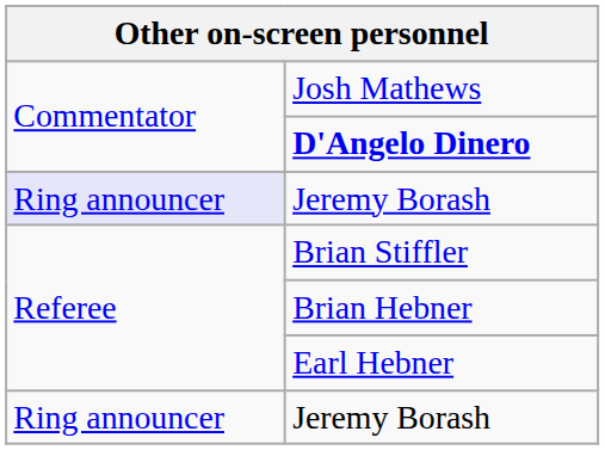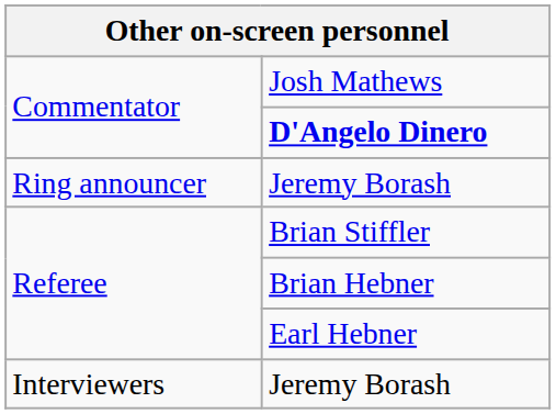 <table align="right" class="wikitable" style="border:1px; font-size:90%; margin-left:1em;">
 <tr>
 <th colspan="2" width="250"><strong>Other on-screen personnel</strong></th>
 </tr>
 <tr>
 <td rowspan=2><a href='#'>Commentator</a></td>
 <td><a href='#'>Josh Mathews</a></td>
 </tr>
 <tr>
 <td><strong><a href='#'>D'Angelo Dinero</a></strong></td>
 </tr>
 <tr>
-<td style="background: lavender;"><a href='#'>Ring announcer</a></td>
+<td><a href='#'>Ring announcer</a></td>
 <td><a href='#'>Jeremy Borash</a></td>
 </tr>
 <tr>
 <td rowspan=3><a href='#'>Referee</a></td>
 <td><a href='#'>Brian Stiffler</a></td>
 </tr>
 <tr>
 <td><a href='#'>Brian Hebner</a></td>
 </tr>
 <tr>
 <td><a href='#'>Earl Hebner</a></td>
 </tr>
 <tr>
-<td><a href='#'>Ring announcer</a></td>
+<td rowspan=1>Interviewers</td>
 <td>Jeremy Borash</td>
 </tr>
 <tr>
 </tr>
 </table>
